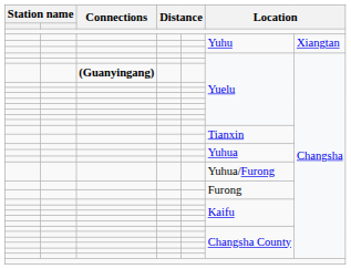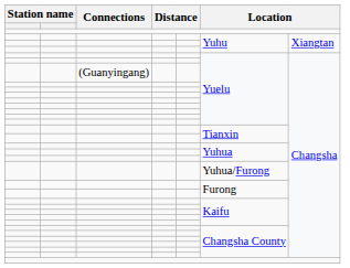 <table class="wikitable">
 <tr>
 <th colspan="2">Station name</th>
 <th rowspan="2">Connections</th>
 <th colspan="2" rowspan="2">Distance<br></th>
 <th colspan="2" rowspan="2">Location</th>
 </tr>
 <tr>
 <th></th>
 <th></th>
 </tr>
 <tr style="background:#">
 <td colspan = "8"></td>
 </tr>
 <tr>
 <td></td>
 <td></td>
 <td></td>
 <td></td>
 <td></td>
 <td rowspan="3"><a href='#'>Yuhu</a></td>
 <td rowspan="3"><a href='#'>Xiangtan</a></td>
 </tr>
 <tr>
 <td></td>
 <td></td>
 <td></td>
 <td></td>
 <td></td>
 </tr>
 <tr>
 <td></td>
 <td></td>
 <td></td>
 <td></td>
 <td></td>
 </tr>
 <tr>
 <td></td>
 <td></td>
 <td></td>
 <td></td>
 <td></td>
 <td rowspan="11" bgcolor="F8F9FA"><a href='#'>Yuelu</a></td>
 <td bgcolor="F8F9FA" rowspan="30"><a href='#'>Changsha</a></td>
 </tr>
 <tr>
 <td></td>
 <td></td>
 <td></td>
 <td></td>
 <td></td>
 </tr>
 <tr>
 <td></td>
 <td></td>
-<td><strong> (Guanyingang)<br></strong></td>
+<td> (Guanyingang)<br></td>
 <td></td>
 <td></td>
 </tr>
 <tr>
 <td></td>
 <td></td>
 <td></td>
 <td></td>
 <td></td>
 </tr>
 <tr>
 <td></td>
 <td></td>
 <td></td>
 <td></td>
 <td></td>
 </tr>
 <tr>
 <td></td>
 <td></td>
 <td></td>
 <td></td>
 <td></td>
 </tr>
 <tr>
 <td></td>
 <td></td>
 <td></td>
 <td></td>
 <td></td>
 </tr>
 <tr>
 <td></td>
 <td></td>
 <td></td>
 <td></td>
 <td></td>
 </tr>
 <tr>
 <td></td>
 <td></td>
 <td></td>
 <td></td>
 <td></td>
 </tr>
 <tr>
 <td></td>
 <td></td>
 <td></td>
 <td></td>
 <td></td>
 </tr>
 <tr>
 <td></td>
 <td></td>
 <td></td>
 <td></td>
 <td></td>
 </tr>
 <tr>
 <td></td>
 <td></td>
 <td></td>
 <td></td>
 <td></td>
 <td rowspan="2"><a href='#'>Tianxin</a></td>
 </tr>
 <tr>
 <td></td>
 <td></td>
 <td></td>
 <td></td>
 <td></td>
 </tr>
 <tr>
 <td></td>
 <td></td>
 <td></td>
 <td></td>
 <td></td>
 <td rowspan="3"><a href='#'>Yuhua</a></td>
 </tr>
 <tr>
 <td></td>
 <td></td>
 <td></td>
 <td></td>
 <td></td>
 </tr>
 <tr>
 <td></td>
 <td></td>
 <td></td>
 <td></td>
 <td></td>
 </tr>
 <tr>
 <td></td>
 <td></td>
 <td></td>
 <td></td>
 <td></td>
 <td>Yuhua/<a href='#'>Furong</a></td>
 </tr>
 <tr>
 <td></td>
 <td></td>
 <td>  </td>
 <td></td>
 <td></td>
 <td rowspan="2">Furong</td>
 </tr>
 <tr>
 <td></td>
 <td></td>
 <td></td>
 <td></td>
 <td></td>
 </tr>
 <tr>
 <td></td>
 <td></td>
 <td></td>
 <td></td>
 <td></td>
 <td rowspan="5"><a href='#'>Kaifu</a></td>
 </tr>
 <tr>
 <td></td>
 <td></td>
 <td></td>
 <td></td>
 <td></td>
 </tr>
 <tr>
 <td></td>
 <td></td>
 <td></td>
 <td></td>
 <td></td>
 </tr>
 <tr>
 <td></td>
 <td></td>
 <td></td>
 <td></td>
 <td></td>
 </tr>
 <tr>
 <td></td>
 <td></td>
 <td></td>
 <td></td>
 <td></td>
 </tr>
 <tr>
 <td></td>
 <td></td>
 <td></td>
 <td></td>
 <td></td>
 <td rowspan="6"><a href='#'>Changsha County</a></td>
 </tr>
 <tr>
 <td></td>
 <td></td>
 <td></td>
 <td></td>
 <td></td>
 </tr>
 <tr>
 <td></td>
 <td></td>
 <td></td>
 <td></td>
 <td></td>
 </tr>
 <tr>
 <td></td>
 <td></td>
 <td></td>
 <td></td>
 <td></td>
 </tr>
 <tr>
 <td></td>
 <td></td>
 <td></td>
 <td></td>
 <td></td>
 </tr>
 <tr>
 <td></td>
 <td></td>
 <td></td>
 <td></td>
 <td></td>
 </tr>
 <tr style="background:#">
 <td colspan = "8"></td>
 </tr>
 </table>
